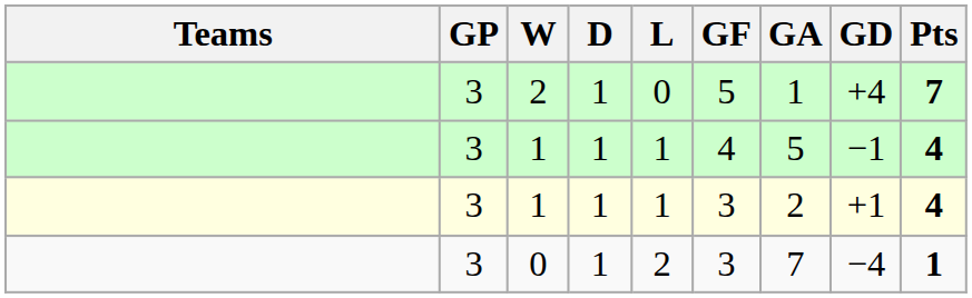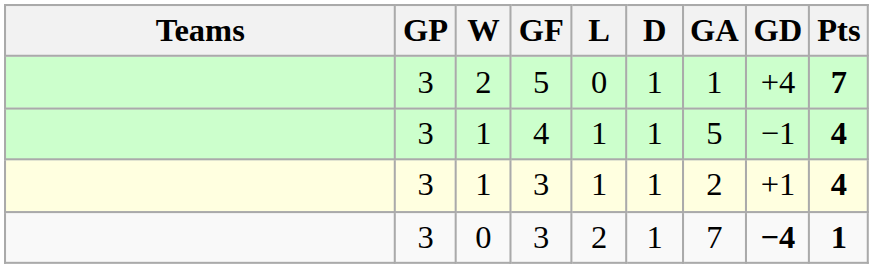 <table class="wikitable" style="text-align:center">
 <tr>
 <th width=185>Teams</th>
 <th width=20>GP</th>
 <th width=20>W</th>
+<th width=20>GF</th>
+<th width=20>L</th>
 <th width=20>D</th>
-<th width=20>L</th>
-<th width=20>GF</th>
 <th width=20>GA</th>
 <th width=20>GD</th>
 <th width=20>Pts</th>
 </tr>
 <tr align=center style="background:#ccffcc;">
 <td style="text-align:left;"></td>
 <td>3</td>
 <td>2</td>
+<td>5</td>
+<td>0</td>
 <td>1</td>
-<td>0</td>
-<td>5</td>
 <td>1</td>
 <td>+4</td>
 <td><strong>7</strong></td>
 </tr>
 <tr align=center style="background:#ccffcc;">
 <td style="text-align:left;"></td>
 <td>3</td>
 <td>1</td>
+<td>4</td>
 <td>1</td>
 <td>1</td>
-<td>4</td>
 <td>5</td>
 <td>−1</td>
 <td><strong>4</strong></td>
 </tr>
 <tr align=center style="background:lightyellow;">
 <td style="text-align:left;"></td>
 <td>3</td>
 <td>1</td>
+<td>3</td>
 <td>1</td>
 <td>1</td>
-<td>3</td>
 <td>2</td>
 <td>+1</td>
 <td><strong>4</strong></td>
 </tr>
 <tr align=center>
 <td style="text-align:left;"></td>
 <td>3</td>
 <td>0</td>
+<td>3</td>
+<td>2</td>
 <td>1</td>
-<td>2</td>
-<td>3</td>
 <td>7</td>
-<td>−4</td>
+<td><strong>−4</strong></td>
 <td><strong>1</strong></td>
 </tr>
 </table>
